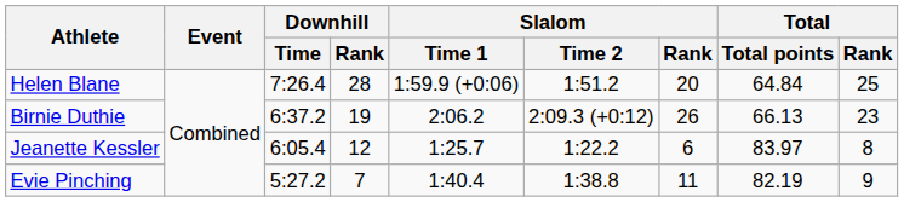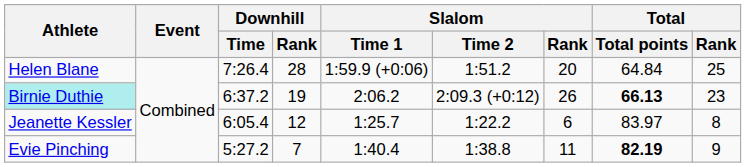 <table class="wikitable" style="font-size:90%">
 <tr>
 <th rowspan="2">Athlete</th>
 <th rowspan="2">Event</th>
 <th colspan="2">Downhill</th>
 <th colspan="3">Slalom</th>
 <th colspan="2">Total</th>
 </tr>
 <tr>
 <th>Time</th>
 <th>Rank</th>
 <th>Time 1</th>
 <th>Time 2</th>
 <th>Rank</th>
 <th>Total points</th>
 <th>Rank</th>
 </tr>
 <tr>
 <td><a href='#'>Helen Blane</a></td>
 <td rowspan="4">Combined</td>
 <td align="center">7:26.4</td>
 <td align="center">28</td>
 <td align="center">1:59.9 (+0:06)</td>
 <td align="center">1:51.2</td>
 <td align="center">20</td>
 <td align="center">64.84</td>
 <td align="center">25</td>
 </tr>
 <tr>
-<td><a href='#'>Birnie Duthie</a></td>
+<td style="background: paleturquoise;"><a href='#'>Birnie Duthie</a></td>
 <td align="center">6:37.2</td>
 <td align="center">19</td>
 <td align="center">2:06.2</td>
 <td align="center">2:09.3 (+0:12)</td>
 <td align="center">26</td>
-<td align="center">66.13</td>
+<td align="center"><strong>66.13</strong></td>
 <td align="center">23</td>
 </tr>
 <tr>
 <td><a href='#'>Jeanette Kessler</a></td>
 <td align="center">6:05.4</td>
 <td align="center">12</td>
 <td align="center">1:25.7</td>
 <td align="center">1:22.2</td>
 <td align="center">6</td>
 <td align="center">83.97</td>
 <td align="center">8</td>
 </tr>
 <tr>
 <td><a href='#'>Evie Pinching</a></td>
 <td align="center">5:27.2</td>
 <td align="center">7</td>
 <td align="center">1:40.4</td>
 <td align="center">1:38.8</td>
 <td align="center">11</td>
-<td align="center">82.19</td>
+<td align="center"><strong>82.19</strong></td>
 <td align="center">9</td>
 </tr>
 </table>
